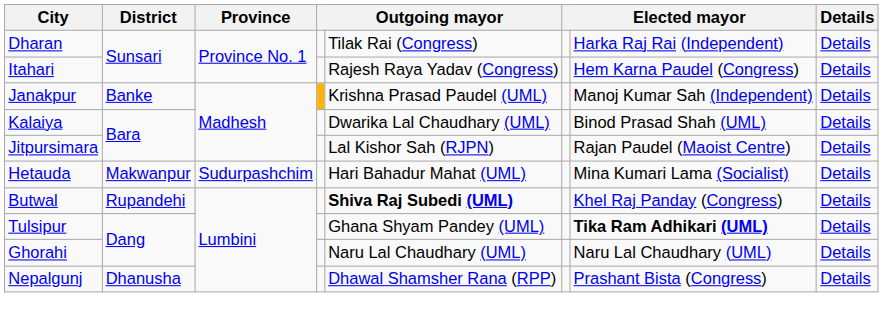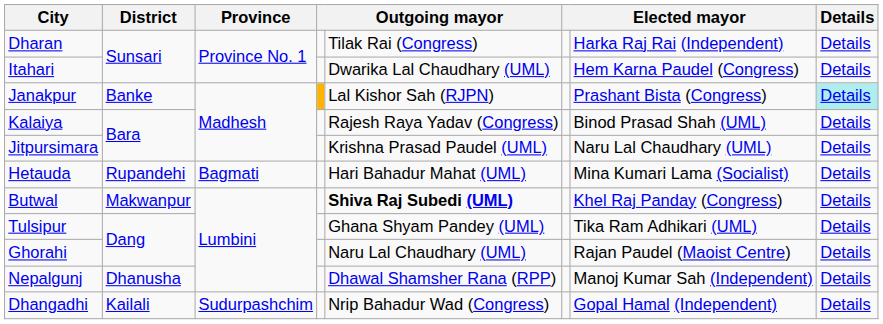 <table class="wikitable sortable">
 <tr>
 <th>City</th>
 <th>District</th>
 <th>Province</th>
 <th colspan="2" columnspan="2">Outgoing mayor</th>
 <th colspan="2">Elected mayor</th>
 <th>Details</th>
 </tr>
 <tr>
 <td><a href='#'>Dharan</a></td>
 <td rowspan="2"><a href='#'>Sunsari</a></td>
 <td rowspan="2"><a href='#'>Province No. 1</a></td>
 <td></td>
 <td>Tilak Rai (<a href='#'>Congress</a>)</td>
 <td></td>
 <td><a href='#'>Harka Raj Rai</a> <a href='#'>(Independent)</a></td>
 <td><a href='#'>Details</a></td>
 </tr>
 <tr>
 <td><a href='#'>Itahari</a></td>
 <td></td>
-<td>Rajesh Raya Yadav (<a href='#'>Congress</a>)</td>
+<td>Dwarika Lal Chaudhary <a href='#'>(UML)</a></td>
 <td></td>
 <td><a href='#'>Hem Karna Paudel</a> (<a href='#'>Congress</a>)</td>
 <td><a href='#'>Details</a></td>
 </tr>
 <tr>
 <td><a href='#'>Janakpur</a></td>
 <td><a href='#'>Banke</a></td>
 <td rowspan="3"><a href='#'>Madhesh</a></td>
 <td bgcolor="FFb300"></td>
-<td>Krishna Prasad Paudel <a href='#'>(UML)</a></td>
+<td>Lal Kishor Sah (<a href='#'>RJPN</a>)</td>
 <td></td>
-<td>Manoj Kumar Sah <a href='#'>(Independent)</a></td>
-<td><a href='#'>Details</a></td>
+<td><a href='#'>Prashant Bista</a> (<a href='#'>Congress</a>)</td>
+<td style="background: paleturquoise;"><a href='#'>Details</a></td>
 </tr>
 <tr>
 <td><a href='#'>Kalaiya</a></td>
 <td rowspan="2"><a href='#'>Bara</a></td>
 <td></td>
-<td>Dwarika Lal Chaudhary <a href='#'>(UML)</a></td>
+<td>Rajesh Raya Yadav (<a href='#'>Congress</a>)</td>
 <td></td>
 <td>Binod Prasad Shah <a href='#'>(UML)</a></td>
 <td><a href='#'>Details</a></td>
 </tr>
 <tr>
 <td><a href='#'>Jitpursimara</a></td>
 <td></td>
-<td>Lal Kishor Sah (<a href='#'>RJPN</a>)</td>
+<td>Krishna Prasad Paudel <a href='#'>(UML)</a></td>
 <td></td>
-<td>Rajan Paudel (<a href='#'>Maoist Centre</a>)</td>
+<td>Naru Lal Chaudhary <a href='#'>(UML)</a></td>
 <td><a href='#'>Details</a></td>
 </tr>
 <tr>
 <td><a href='#'>Hetauda</a></td>
-<td><a href='#'>Makwanpur</a></td>
-<td><a href='#'>Sudurpashchim</a></td>
+<td><a href='#'>Rupandehi</a></td>
+<td><a href='#'>Bagmati</a></td>
 <td></td>
 <td>Hari Bahadur Mahat <a href='#'>(UML)</a></td>
 <td></td>
 <td>Mina Kumari Lama <a href='#'>(Socialist)</a></td>
 <td><a href='#'>Details</a></td>
 </tr>
 <tr>
 <td><a href='#'>Butwal</a></td>
-<td><a href='#'>Rupandehi</a></td>
+<td><a href='#'>Makwanpur</a></td>
 <td rowspan="4"><a href='#'>Lumbini</a></td>
 <td></td>
 <td><strong>Shiva Raj Subedi <a href='#'>(UML)</a></strong></td>
 <td></td>
 <td><a href='#'>Khel Raj Panday</a> (<a href='#'>Congress</a>)</td>
 <td><a href='#'>Details</a></td>
 </tr>
 <tr>
 <td><a href='#'>Tulsipur</a></td>
 <td rowspan="2"><a href='#'>Dang</a></td>
 <td></td>
 <td>Ghana Shyam Pandey <a href='#'>(UML)</a></td>
 <td></td>
-<td><strong>Tika Ram Adhikari <a href='#'>(UML)</a></strong></td>
+<td>Tika Ram Adhikari <a href='#'>(UML)</a></td>
 <td><a href='#'>Details</a></td>
 </tr>
 <tr>
 <td><a href='#'>Ghorahi</a></td>
 <td></td>
 <td>Naru Lal Chaudhary <a href='#'>(UML)</a></td>
 <td></td>
-<td>Naru Lal Chaudhary <a href='#'>(UML)</a></td>
+<td>Rajan Paudel (<a href='#'>Maoist Centre</a>)</td>
 <td><a href='#'>Details</a></td>
 </tr>
 <tr>
 <td><a href='#'>Nepalgunj</a></td>
 <td><a href='#'>Dhanusha</a></td>
 <td></td>
 <td><a href='#'>Dhawal Shamsher Rana</a> (<a href='#'>RPP</a>)</td>
 <td></td>
-<td><a href='#'>Prashant Bista</a> (<a href='#'>Congress</a>)</td>
+<td>Manoj Kumar Sah <a href='#'>(Independent)</a></td>
+<td><a href='#'>Details</a></td>
+</tr>
+<tr>
+<td><a href='#'>Dhangadhi</a></td>
+<td><a href='#'>Kailali</a></td>
+<td><a href='#'>Sudurpashchim</a></td>
+<td></td>
+<td>Nrip Bahadur Wad (<a href='#'>Congress</a>)</td>
+<td></td>
+<td><a href='#'>Gopal Hamal</a> <a href='#'>(Independent)</a></td>
 <td><a href='#'>Details</a></td>
 </tr>
 </table>
